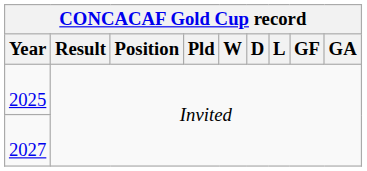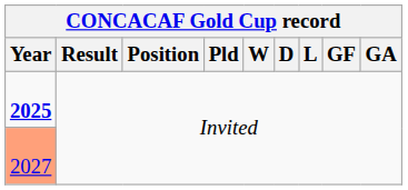 <table class="wikitable" style="text-align: center;">
 <tr>
 <th colspan=9><a href='#'>CONCACAF Gold Cup</a> record</th>
 </tr>
 <tr>
 <th>Year</th>
 <th>Result</th>
 <th>Position</th>
 <th>Pld</th>
 <th>W</th>
 <th>D</th>
 <th>L</th>
 <th>GF</th>
 <th>GA</th>
 </tr>
 <tr>
-<td><br><a href='#'>2025</a></td>
+<td><strong><br><a href='#'>2025</a></strong></td>
 <td rowspan=2 colspan=8><em>Invited</em></td>
 </tr>
 <tr>
-<td><br><a href='#'>2027</a></td>
+<td style="background: lightsalmon;"><br><a href='#'>2027</a></td>
 </tr>
 </table>
